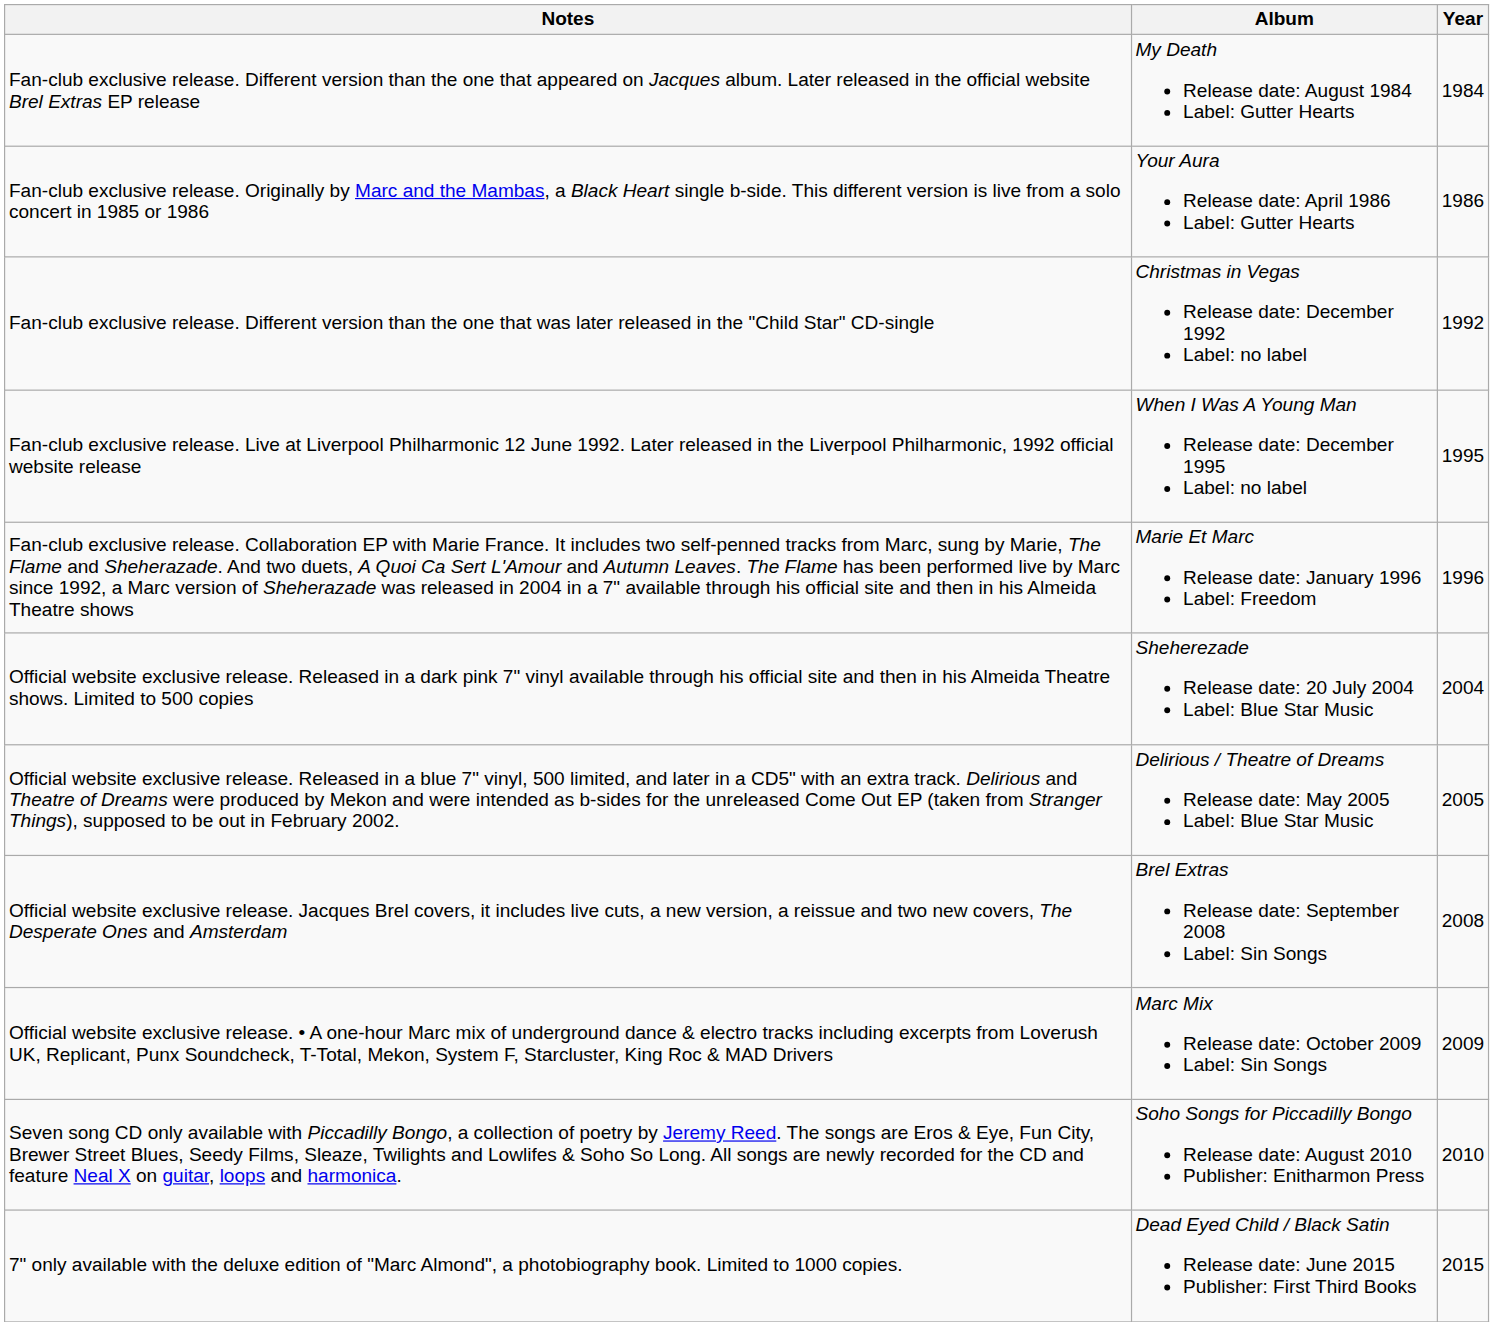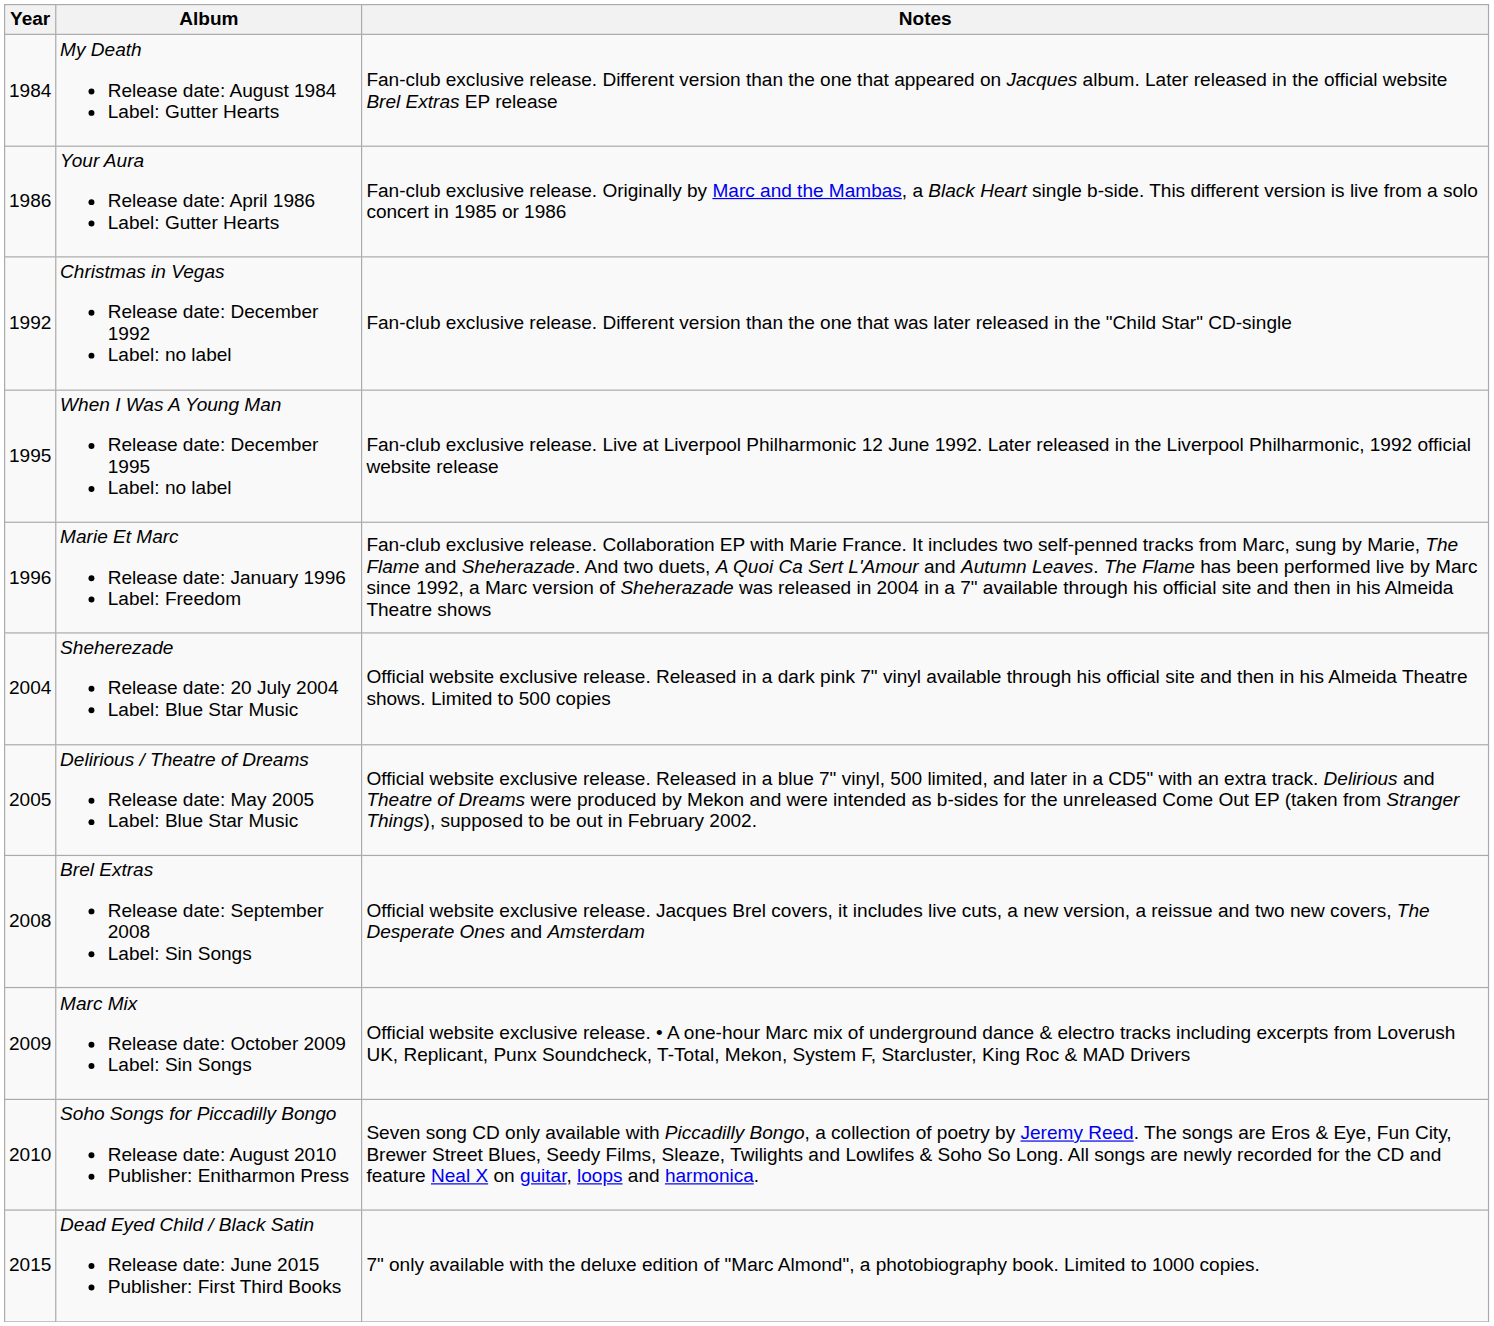 <table class="wikitable">
 <tr>
+<th>Year</th>
+<th !rowspan="2" style="width:250px;">Album</th>
 <th>Notes</th>
-<th !rowspan="2" style="width:250px;">Album</th>
-<th>Year</th>
 </tr>
 <tr>
+<td>1984</td>
+<td><em>My Death</em><br><ul><li>Release date: August 1984</li><li>Label: Gutter Hearts</li></ul></td>
 <td>Fan-club exclusive release. Different version than the one that appeared on <em>Jacques</em> album. Later released in the official website <em>Brel Extras</em> EP release</td>
-<td><em>My Death</em><br><ul><li>Release date: August 1984</li><li>Label: Gutter Hearts</li></ul></td>
-<td>1984</td>
 </tr>
 <tr>
+<td>1986</td>
+<td><em>Your Aura</em><br><ul><li>Release date: April 1986</li><li>Label: Gutter Hearts</li></ul></td>
 <td>Fan-club exclusive release. Originally by <a href='#'>Marc and the Mambas</a>, a <em>Black Heart</em> single b-side. This different version is live from a solo concert in 1985 or 1986</td>
-<td><em>Your Aura</em><br><ul><li>Release date: April 1986</li><li>Label: Gutter Hearts</li></ul></td>
-<td>1986</td>
 </tr>
 <tr>
+<td>1992</td>
+<td><em>Christmas in Vegas</em><br><ul><li>Release date: December 1992</li><li>Label: no label</li></ul></td>
 <td>Fan-club exclusive release. Different version than the one that was later released in the "Child Star" CD-single</td>
-<td><em>Christmas in Vegas</em><br><ul><li>Release date: December 1992</li><li>Label: no label</li></ul></td>
-<td>1992</td>
 </tr>
 <tr>
+<td>1995</td>
+<td><em>When I Was A Young Man</em><br><ul><li>Release date: December 1995</li><li>Label: no label</li></ul></td>
 <td>Fan-club exclusive release. Live at Liverpool Philharmonic 12 June 1992. Later released in the Liverpool Philharmonic, 1992 official website release</td>
-<td><em>When I Was A Young Man</em><br><ul><li>Release date: December 1995</li><li>Label: no label</li></ul></td>
-<td>1995</td>
 </tr>
 <tr>
+<td>1996</td>
+<td><em>Marie Et Marc</em><br><ul><li>Release date: January 1996</li><li>Label: Freedom</li></ul></td>
 <td>Fan-club exclusive release. Collaboration EP with Marie France. It includes two self-penned tracks from Marc, sung by Marie, <em>The Flame</em> and <em>Sheherazade</em>. And two duets, <em>A Quoi Ca Sert L'Amour</em> and <em>Autumn Leaves</em>. <em>The Flame</em> has been performed live by Marc since 1992, a Marc version of <em>Sheherazade</em> was released in 2004 in a 7" available through his official site and then in his Almeida Theatre shows</td>
-<td><em>Marie Et Marc</em><br><ul><li>Release date: January 1996</li><li>Label: Freedom</li></ul></td>
-<td>1996</td>
 </tr>
 <tr>
+<td>2004</td>
+<td><em>Sheherezade</em><br><ul><li>Release date: 20 July 2004</li><li>Label: Blue Star Music</li></ul></td>
 <td>Official website exclusive release. Released in a dark pink 7" vinyl available through his official site and then in his Almeida Theatre shows. Limited to 500 copies</td>
-<td><em>Sheherezade</em><br><ul><li>Release date: 20 July 2004</li><li>Label: Blue Star Music</li></ul></td>
-<td>2004</td>
 </tr>
 <tr>
+<td>2005</td>
+<td><em>Delirious / Theatre of Dreams</em><br><ul><li>Release date: May 2005</li><li>Label: Blue Star Music</li></ul></td>
 <td>Official website exclusive release. Released in a blue 7" vinyl, 500 limited, and later in a CD5" with an extra track. <em>Delirious</em> and <em>Theatre of Dreams</em> were produced by Mekon and were intended as b-sides for the unreleased Come Out EP (taken from <em>Stranger Things</em>), supposed to be out in February 2002.</td>
-<td><em>Delirious / Theatre of Dreams</em><br><ul><li>Release date: May 2005</li><li>Label: Blue Star Music</li></ul></td>
-<td>2005</td>
 </tr>
 <tr>
+<td>2008</td>
+<td><em>Brel Extras</em><br><ul><li>Release date: September 2008</li><li>Label: Sin Songs</li></ul></td>
 <td>Official website exclusive release. Jacques Brel covers, it includes live cuts, a new version, a reissue and two new covers, <em>The Desperate Ones</em> and <em>Amsterdam</em></td>
-<td><em>Brel Extras</em><br><ul><li>Release date: September 2008</li><li>Label: Sin Songs</li></ul></td>
-<td>2008</td>
 </tr>
 <tr>
+<td>2009</td>
+<td><em>Marc Mix</em><br><ul><li>Release date: October 2009</li><li>Label: Sin Songs</li></ul></td>
 <td>Official website exclusive release. •	A one-hour Marc mix of underground dance & electro tracks including excerpts from Loverush UK, Replicant, Punx Soundcheck, T-Total, Mekon, System F, Starcluster, King Roc & MAD Drivers</td>
-<td><em>Marc Mix</em><br><ul><li>Release date: October 2009</li><li>Label: Sin Songs</li></ul></td>
-<td>2009</td>
 </tr>
 <tr>
+<td>2010</td>
+<td><em>Soho Songs for Piccadilly Bongo</em><br><ul><li>Release date: August 2010</li><li>Publisher: Enitharmon Press</li></ul></td>
 <td>Seven song CD only available with <em>Piccadilly Bongo</em>, a collection of poetry by <a href='#'>Jeremy Reed</a>. The songs are Eros & Eye, Fun City, Brewer Street Blues, Seedy Films, Sleaze, Twilights and Lowlifes & Soho So Long. All songs are newly recorded for the CD and feature <a href='#'>Neal X</a> on <a href='#'>guitar</a>, <a href='#'>loops</a> and <a href='#'>harmonica</a>.</td>
-<td><em>Soho Songs for Piccadilly Bongo</em><br><ul><li>Release date: August 2010</li><li>Publisher: Enitharmon Press</li></ul></td>
-<td>2010</td>
 </tr>
 <tr>
+<td>2015</td>
+<td><em>Dead Eyed Child / Black Satin</em><br><ul><li>Release date: June 2015</li><li>Publisher: First Third Books</li></ul></td>
 <td>7" only available with the deluxe edition of "Marc Almond", a photobiography book. Limited to 1000 copies.</td>
-<td><em>Dead Eyed Child / Black Satin</em><br><ul><li>Release date: June 2015</li><li>Publisher: First Third Books</li></ul></td>
-<td>2015</td>
 </tr>
 </table>
